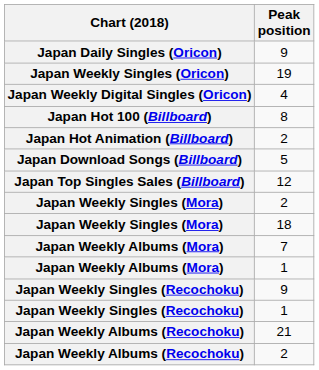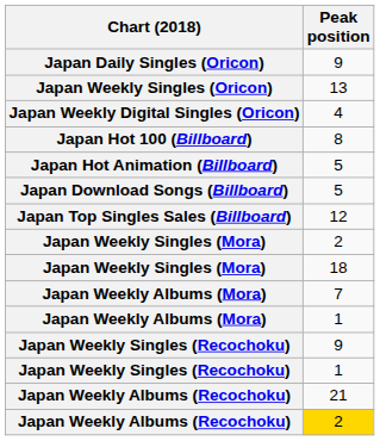 <table class="wikitable sortable plainrowheaders" style="text-align:center;">
 <tr>
 <th scope="col">Chart (2018)</th>
 <th scope="col">Peak<br>position</th>
 </tr>
 <tr>
 <th scope="row">Japan Daily Singles (<a href='#'>Oricon</a>)</th>
 <td style="text-align:center;">9</td>
 </tr>
 <tr>
 <th scope="row">Japan Weekly Singles (<a href='#'>Oricon</a>)</th>
-<td style="text-align:center;">19</td>
+<td style="text-align:center;">13</td>
 </tr>
 <tr>
 <th scope="row">Japan Weekly Digital Singles (<a href='#'>Oricon</a>)</th>
 <td style="text-align:center;">4</td>
 </tr>
 <tr>
 <th scope="row">Japan Hot 100 (<em><a href='#'>Billboard</a></em>)</th>
 <td style="text-align:center;">8</td>
 </tr>
 <tr>
 <th scope="row">Japan Hot Animation (<em><a href='#'>Billboard</a></em>)</th>
-<td style="text-align:center;">2</td>
+<td style="text-align:center;">5</td>
 </tr>
 <tr>
 <th scope="row">Japan Download Songs (<em><a href='#'>Billboard</a></em>)</th>
 <td style="text-align:center;">5</td>
 </tr>
 <tr>
 <th scope="row">Japan Top Singles Sales (<em><a href='#'>Billboard</a></em>)</th>
 <td style="text-align:center;">12</td>
 </tr>
 <tr>
 <th scope="row">Japan Weekly Singles (<a href='#'>Mora</a>) </th>
 <td style="text-align:center;">2</td>
 </tr>
 <tr>
 <th scope="row">Japan Weekly Singles (<a href='#'>Mora</a>) </th>
 <td style="text-align:center;">18</td>
 </tr>
 <tr>
 <th scope="row">Japan Weekly Albums (<a href='#'>Mora</a>) </th>
 <td style="text-align:center;">7</td>
 </tr>
 <tr>
 <th scope="row">Japan Weekly Albums (<a href='#'>Mora</a>) </th>
 <td style="text-align:center;">1</td>
 </tr>
 <tr>
 <th scope="row">Japan Weekly Singles (<a href='#'>Recochoku</a>) </th>
 <td style="text-align:center;">9</td>
 </tr>
 <tr>
 <th scope="row">Japan Weekly Singles (<a href='#'>Recochoku</a>) </th>
 <td style="text-align:center;">1</td>
 </tr>
 <tr>
 <th scope="row">Japan Weekly Albums (<a href='#'>Recochoku</a>) </th>
 <td style="text-align:center;">21</td>
 </tr>
 <tr>
 <th scope="row">Japan Weekly Albums (<a href='#'>Recochoku</a>) </th>
-<td style="text-align:center;">2</td>
+<td style="background: gold; text-align:center;">2</td>
 </tr>
 </table>
